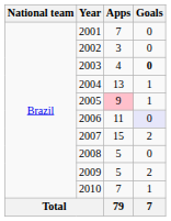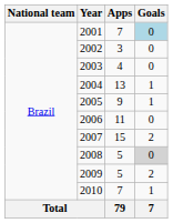 <table class="wikitable" style="text-align:center">
 <tr>
 <th>National team</th>
 <th>Year</th>
 <th>Apps</th>
 <th>Goals</th>
 </tr>
 <tr>
 <td rowspan="10"><a href='#'>Brazil</a></td>
 <td>2001</td>
 <td>7</td>
-<td>0</td>
+<td style="background: lightblue;">0</td>
 </tr>
 <tr>
 <td>2002</td>
 <td>3</td>
 <td>0</td>
 </tr>
 <tr>
 <td>2003</td>
 <td>4</td>
-<td><strong>0</strong></td>
+<td>0</td>
 </tr>
 <tr>
 <td>2004</td>
 <td>13</td>
 <td>1</td>
 </tr>
 <tr>
 <td>2005</td>
-<td style="background: pink;">9</td>
+<td>9</td>
 <td>1</td>
 </tr>
 <tr>
 <td>2006</td>
 <td>11</td>
-<td style="background: lavender;">0</td>
+<td>0</td>
 </tr>
 <tr>
 <td>2007</td>
 <td>15</td>
 <td>2</td>
 </tr>
 <tr>
 <td>2008</td>
 <td>5</td>
-<td>0</td>
+<td style="background: lightgrey;">0</td>
 </tr>
 <tr>
 <td>2009</td>
 <td>5</td>
 <td>2</td>
 </tr>
 <tr>
 <td>2010</td>
 <td>7</td>
 <td>1</td>
 </tr>
 <tr>
 <th colspan="2">Total</th>
 <th>79</th>
 <th>7</th>
 </tr>
 </table>
